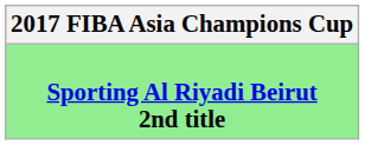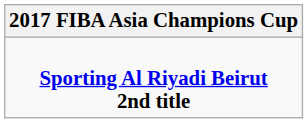 <table class=wikitable style="text-align:center; margin:auto">
 <tr>
 <th>2017 FIBA Asia Champions Cup</th>
 </tr>
 <tr>
-<td style="background: lightgreen;"><br><strong><a href='#'>Sporting Al Riyadi Beirut</a></strong><br><strong>2nd title</strong></td>
+<td><br><strong><a href='#'>Sporting Al Riyadi Beirut</a></strong><br><strong>2nd title</strong></td>
 </tr>
 </table>
